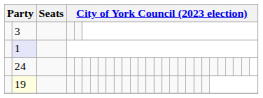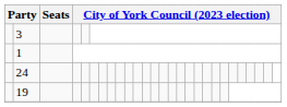 <table class="wikitable">
 <tr>
 <th colspan="2" style="text-align:center; vertical-align:top;">Party</th>
 <th style="vertical-align:top">Seats</th>
 <th colspan="25"><a href='#'>City of York Council (2023 election)</a></th>
 </tr>
 <tr>
 <td></td>
 <td>3</td>
 <td style="width: 4px" bgcolor=></td>
 <td style="width: 4px" bgcolor=></td>
 <td style="width: 4px" bgcolor=></td>
 <td colspan="25" style="width:4px; background:#fff;"></td>
 </tr>
 <tr>
 <td></td>
-<td style="background: lavender;">1</td>
+<td>1</td>
 <td style="width: 4px" bgcolor=></td>
 <td colspan="25" style="width:4px; background:#fff;"></td>
 </tr>
 <tr>
 <td></td>
 <td>24</td>
 <td style="width: 4px" bgcolor=></td>
 <td style="width: 4px" bgcolor=></td>
 <td style="width: 4px" bgcolor=></td>
 <td style="width: 4px" bgcolor=></td>
 <td style="width: 4px" bgcolor=></td>
 <td style="width: 4px" bgcolor=></td>
 <td style="width: 4px" bgcolor=></td>
 <td style="width: 4px" bgcolor=></td>
 <td style="width: 4px" bgcolor=></td>
 <td style="width: 4px" bgcolor=></td>
 <td style="width: 4px" bgcolor=></td>
 <td style="width: 4px" bgcolor=></td>
 <td style="width: 4px" bgcolor=></td>
 <td style="width: 4px" bgcolor=></td>
 <td style="width: 4px" bgcolor=></td>
 <td style="width: 4px" bgcolor=></td>
 <td style="width: 4px" bgcolor=></td>
 <td style="width: 4px" bgcolor=></td>
 <td style="width: 4px" bgcolor=></td>
 <td style="width: 4px" bgcolor=></td>
 <td style="width: 4px" bgcolor=></td>
 <td style="width: 4px" bgcolor=></td>
 <td style="width: 4px" bgcolor=></td>
 <td style="width: 4px" bgcolor=></td>
 <td colspan="25" style="width:4px; background:#fff;"></td>
 </tr>
 <tr>
 <td></td>
-<td style="background: lightyellow;">19</td>
+<td>19</td>
 <td style="width: 4px" bgcolor=></td>
 <td style="width: 4px" bgcolor=></td>
 <td style="width: 4px" bgcolor=></td>
 <td style="width: 4px" bgcolor=></td>
 <td style="width: 4px" bgcolor=></td>
 <td style="width: 4px" bgcolor=></td>
 <td style="width: 4px" bgcolor=></td>
 <td style="width: 4px" bgcolor=></td>
 <td style="width: 4px" bgcolor=></td>
 <td style="width: 4px" bgcolor=></td>
 <td style="width: 4px" bgcolor=></td>
 <td style="width: 4px" bgcolor=></td>
 <td style="width: 4px" bgcolor=></td>
 <td style="width: 4px" bgcolor=></td>
 <td style="width: 4px" bgcolor=></td>
 <td style="width: 4px" bgcolor=></td>
 <td style="width: 4px" bgcolor=></td>
 <td style="width: 4px" bgcolor=></td>
 <td style="width: 4px" bgcolor=></td>
 <td colspan="25" style="width:4px; background:#fff;"></td>
 </tr>
 <tr>
 </tr>
 </table>
